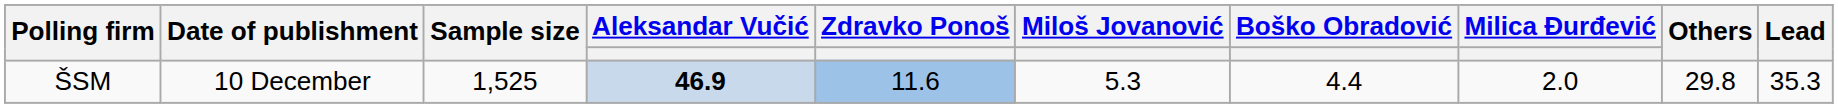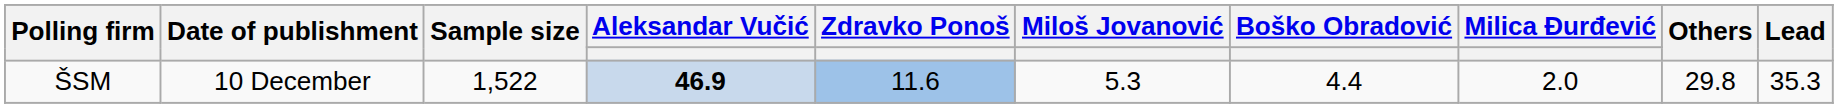 <table class="wikitable" style="text-align:center; font-size:85%; line-height:16px; margin-bottom:0">
 <tr>
 <th rowspan="2">Polling firm</th>
 <th rowspan="2">Date of publishment</th>
 <th rowspan="2">Sample size</th>
 <th><a href='#'>Aleksandar Vučić</a></th>
 <th><a href='#'>Zdravko Ponoš</a></th>
 <th><a href='#'>Miloš Jovanović</a></th>
 <th><a href='#'>Boško Obradović</a></th>
 <th><a href='#'>Milica Đurđević</a></th>
 <th rowspan="2">Others</th>
 <th rowspan="2">Lead</th>
 </tr>
 <tr>
 <th style="background:"></th>
 <th style="background:"></th>
 <th style="background:"></th>
 <th style="background:"></th>
 <th style="background:"></th>
 </tr>
 <tr>
 <td>ŠSM</td>
 <td>10 December</td>
-<td>1,525</td>
+<td>1,522</td>
 <td style="background:#C8D9EC"><strong>46.9</strong></td>
 <td style="background:#9DC2E8">11.6</td>
 <td>5.3</td>
 <td>4.4</td>
 <td>2.0</td>
 <td>29.8</td>
 <td style="background:">35.3</td>
 </tr>
 </table>
